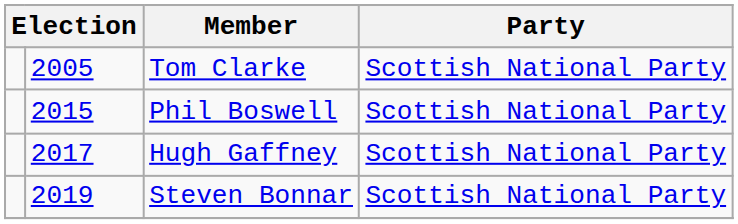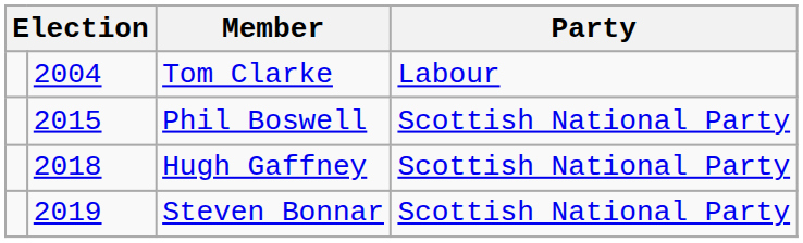 <table class="wikitable">
 <tr>
 <th colspan="2">Election</th>
 <th>Member</th>
 <th>Party</th>
 </tr>
 <tr>
 <td style="color:inherit;background-color: "></td>
-<td><a href='#'>2005</a></td>
+<td><a href='#'>2004</a></td>
 <td><a href='#'>Tom Clarke</a></td>
-<td><a href='#'>Scottish National Party</a></td>
+<td><a href='#'>Labour</a></td>
 </tr>
 <tr>
 <td style="color:inherit;background-color: "></td>
 <td><a href='#'>2015</a></td>
 <td><a href='#'>Phil Boswell</a></td>
 <td><a href='#'>Scottish National Party</a></td>
 </tr>
 <tr>
 <td style="color:inherit;background-color: "></td>
-<td><a href='#'>2017</a></td>
+<td><a href='#'>2018</a></td>
 <td><a href='#'>Hugh Gaffney</a></td>
 <td><a href='#'>Scottish National Party</a></td>
 </tr>
 <tr>
 <td style="color:inherit;background-color: "></td>
 <td><a href='#'>2019</a></td>
 <td><a href='#'>Steven Bonnar</a></td>
 <td><a href='#'>Scottish National Party</a></td>
 </tr>
 <tr>
 </tr>
 </table>
